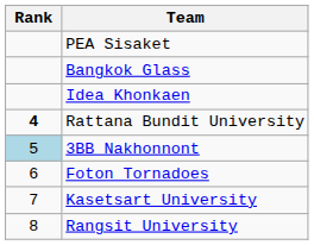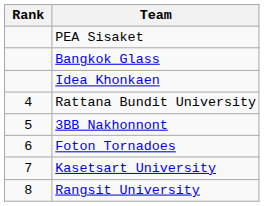 <table class="wikitable" style="text-align: center;">
 <tr>
 <th width=40>Rank</th>
 <th>Team</th>
 </tr>
 <tr>
 <td></td>
 <td align=left> PEA Sisaket</td>
 </tr>
 <tr>
 <td></td>
 <td align=left> <a href='#'>Bangkok Glass</a></td>
 </tr>
 <tr>
 <td></td>
 <td align=left> <a href='#'>Idea Khonkaen</a></td>
 </tr>
 <tr>
-<td><strong>4</strong></td>
+<td>4</td>
 <td align=left> Rattana Bundit University</td>
 </tr>
 <tr>
-<td style="background: lightblue;">5</td>
+<td>5</td>
 <td align=left> <a href='#'>3BB Nakhonnont</a></td>
 </tr>
 <tr>
 <td>6</td>
 <td align=left> <a href='#'>Foton Tornadoes</a></td>
 </tr>
 <tr>
 <td>7</td>
 <td align=left> <a href='#'>Kasetsart University</a></td>
 </tr>
 <tr>
 <td>8</td>
 <td align=left> <a href='#'>Rangsit University</a></td>
 </tr>
 </table>
